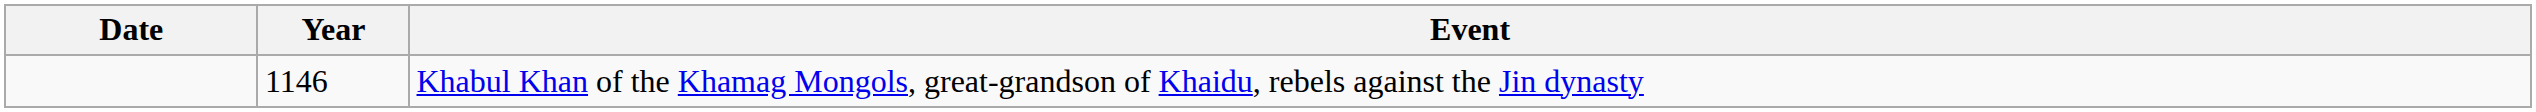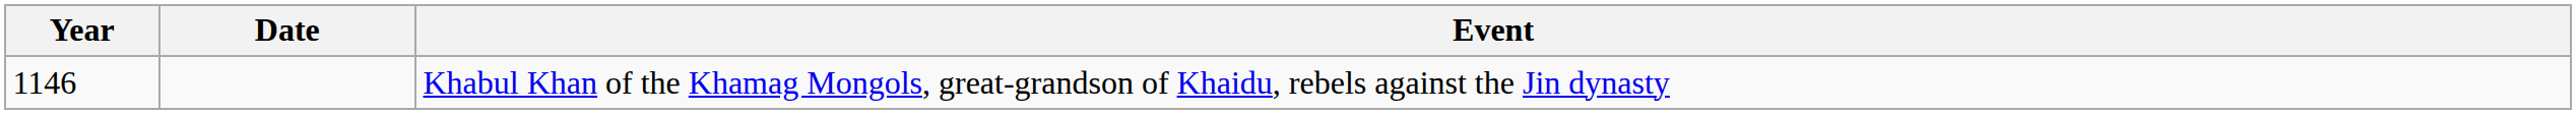 <table class="wikitable" width="100%">
 <tr>
+<th style="width:6%">Year</th>
 <th style="width:10%">Date</th>
-<th style="width:6%">Year</th>
 <th>Event</th>
 </tr>
 <tr>
+<td>1146</td>
 <td></td>
-<td>1146</td>
 <td><a href='#'>Khabul Khan</a> of the <a href='#'>Khamag Mongols</a>, great-grandson of <a href='#'>Khaidu</a>, rebels against the <a href='#'>Jin dynasty</a></td>
 </tr>
 </table>
